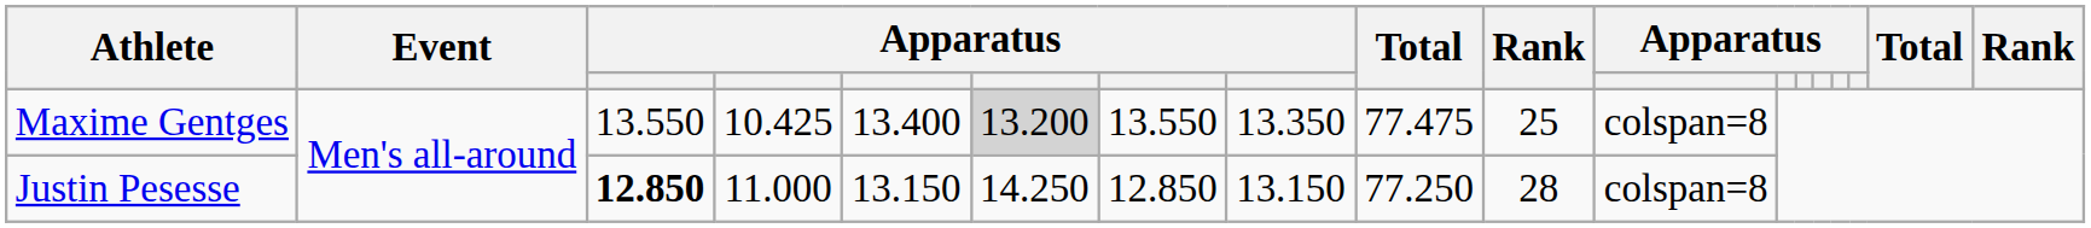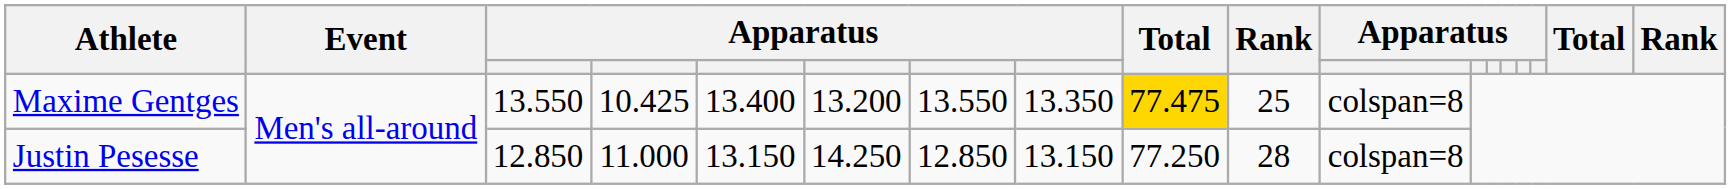 <table class="wikitable" style="text-align:center; font-size:90%">
 <tr>
 <th rowspan=2>Athlete</th>
 <th rowspan=2>Event</th>
 <th colspan=6>Apparatus</th>
 <th rowspan=2>Total</th>
 <th rowspan=2>Rank</th>
 <th colspan=6>Apparatus</th>
 <th rowspan=2>Total</th>
 <th rowspan=2>Rank</th>
 </tr>
 <tr style="font-size:95%">
 <th></th>
 <th></th>
 <th></th>
 <th></th>
 <th></th>
 <th></th>
 <th></th>
 <th></th>
 <th></th>
 <th></th>
 <th></th>
 <th></th>
 </tr>
 <tr>
 <td align=left><a href='#'>Maxime Gentges</a></td>
 <td rowspan=2 align=left><a href='#'>Men's all-around</a></td>
 <td>13.550</td>
 <td>10.425</td>
 <td>13.400</td>
-<td style="background: lightgrey;">13.200</td>
+<td>13.200</td>
 <td>13.550</td>
 <td>13.350</td>
-<td>77.475</td>
+<td style="background: gold;">77.475</td>
 <td>25</td>
 <td>colspan=8 </td>
 </tr>
 <tr>
 <td align=left><a href='#'>Justin Pesesse</a></td>
-<td><strong>12.850</strong></td>
+<td>12.850</td>
 <td>11.000</td>
 <td>13.150</td>
 <td>14.250</td>
 <td>12.850</td>
 <td>13.150</td>
 <td>77.250</td>
 <td>28</td>
 <td>colspan=8 </td>
 </tr>
 </table>
